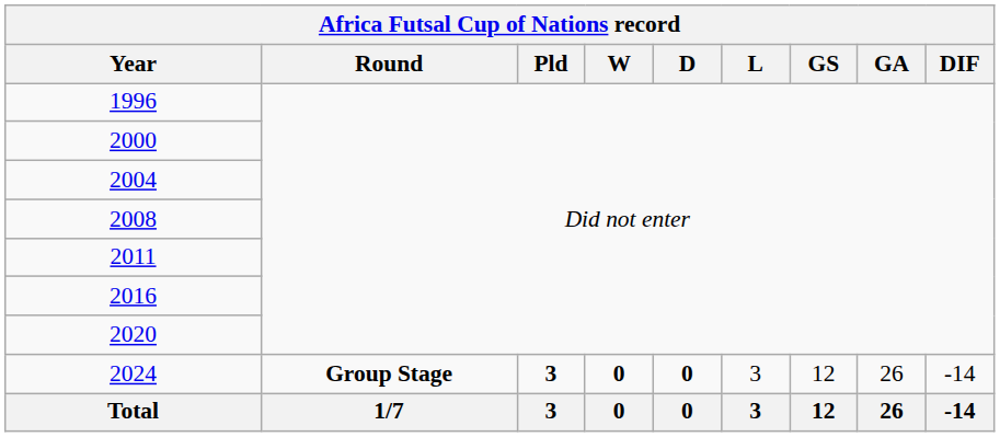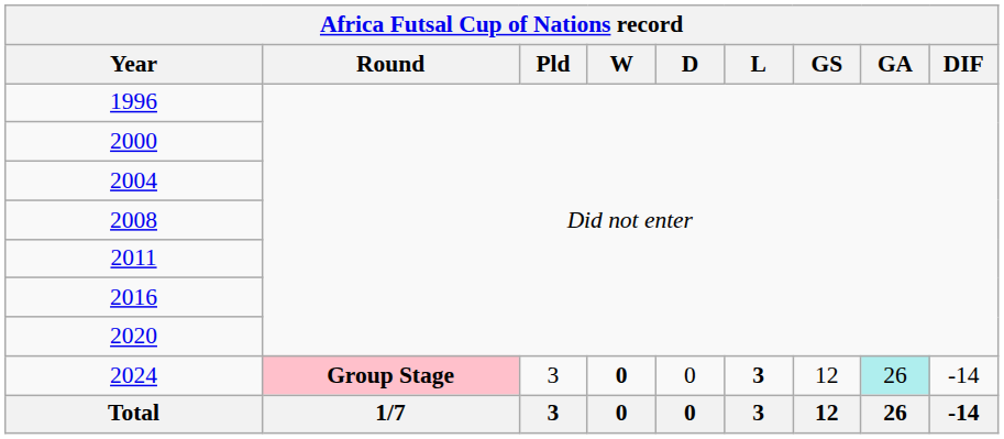 <table class="wikitable" style="text-align: center;font-size:90%;">
 <tr>
 <th colspan=9><a href='#'>Africa Futsal Cup of Nations</a> record</th>
 </tr>
 <tr>
 <th width=150>Year</th>
 <th width=150>Round</th>
 <th width=35>Pld</th>
 <th width=35>W</th>
 <th width=35>D</th>
 <th width=35>L</th>
 <th width=35>GS</th>
 <th width=35>GA</th>
 <th width=35>DIF</th>
 </tr>
 <tr>
 <td> <a href='#'>1996</a></td>
 <td rowspan=7; colspan=8><em>Did not enter</em></td>
 </tr>
 <tr>
 <td> <a href='#'>2000</a></td>
 </tr>
 <tr>
 <td><a href='#'>2004</a></td>
 </tr>
 <tr>
 <td> <a href='#'>2008</a></td>
 </tr>
 <tr>
 <td> <a href='#'>2011</a></td>
 </tr>
 <tr>
 <td> <a href='#'>2016</a></td>
 </tr>
 <tr>
 <td> <a href='#'>2020</a></td>
 </tr>
 <tr>
 <td> <a href='#'>2024</a></td>
-<td><strong>Group Stage</strong></td>
+<td style="background: pink;"><strong>Group Stage</strong></td>
+<td>3</td>
+<td><strong>0</strong></td>
+<td>0</td>
 <td><strong>3</strong></td>
-<td><strong>0</strong></td>
-<td><strong>0</strong></td>
-<td>3</td>
 <td>12</td>
-<td>26</td>
+<td style="background: paleturquoise;">26</td>
 <td>-14</td>
 </tr>
 <tr>
 <th><strong>Total</strong></th>
 <th>1/7</th>
 <th>3</th>
 <th>0</th>
 <th>0</th>
 <th>3</th>
 <th>12</th>
 <th>26</th>
 <th>-14</th>
 </tr>
 </table>
